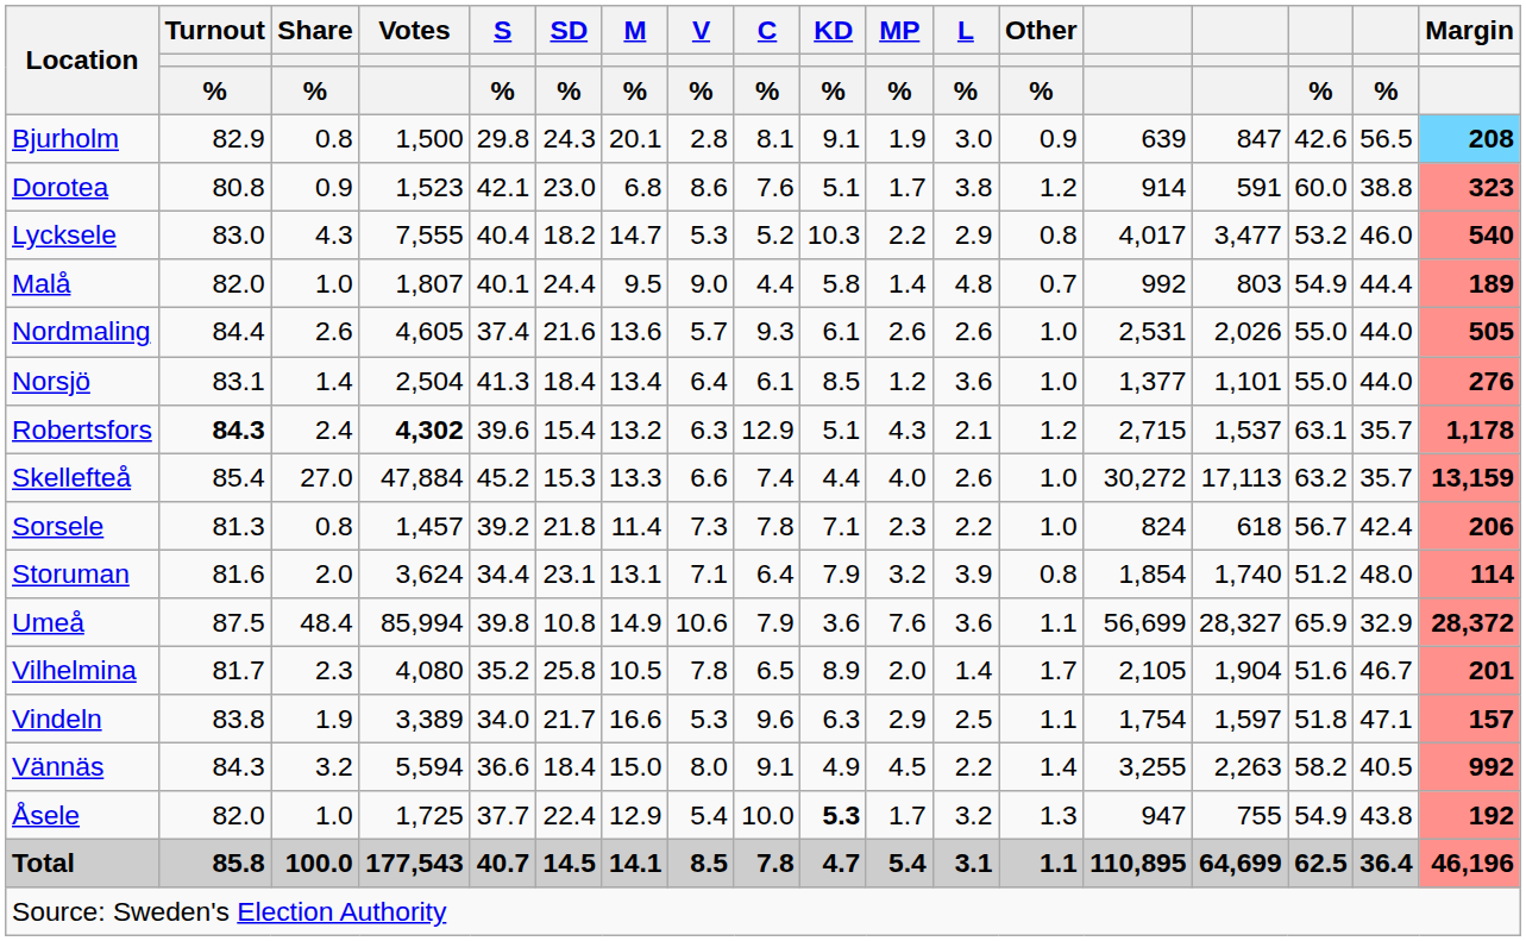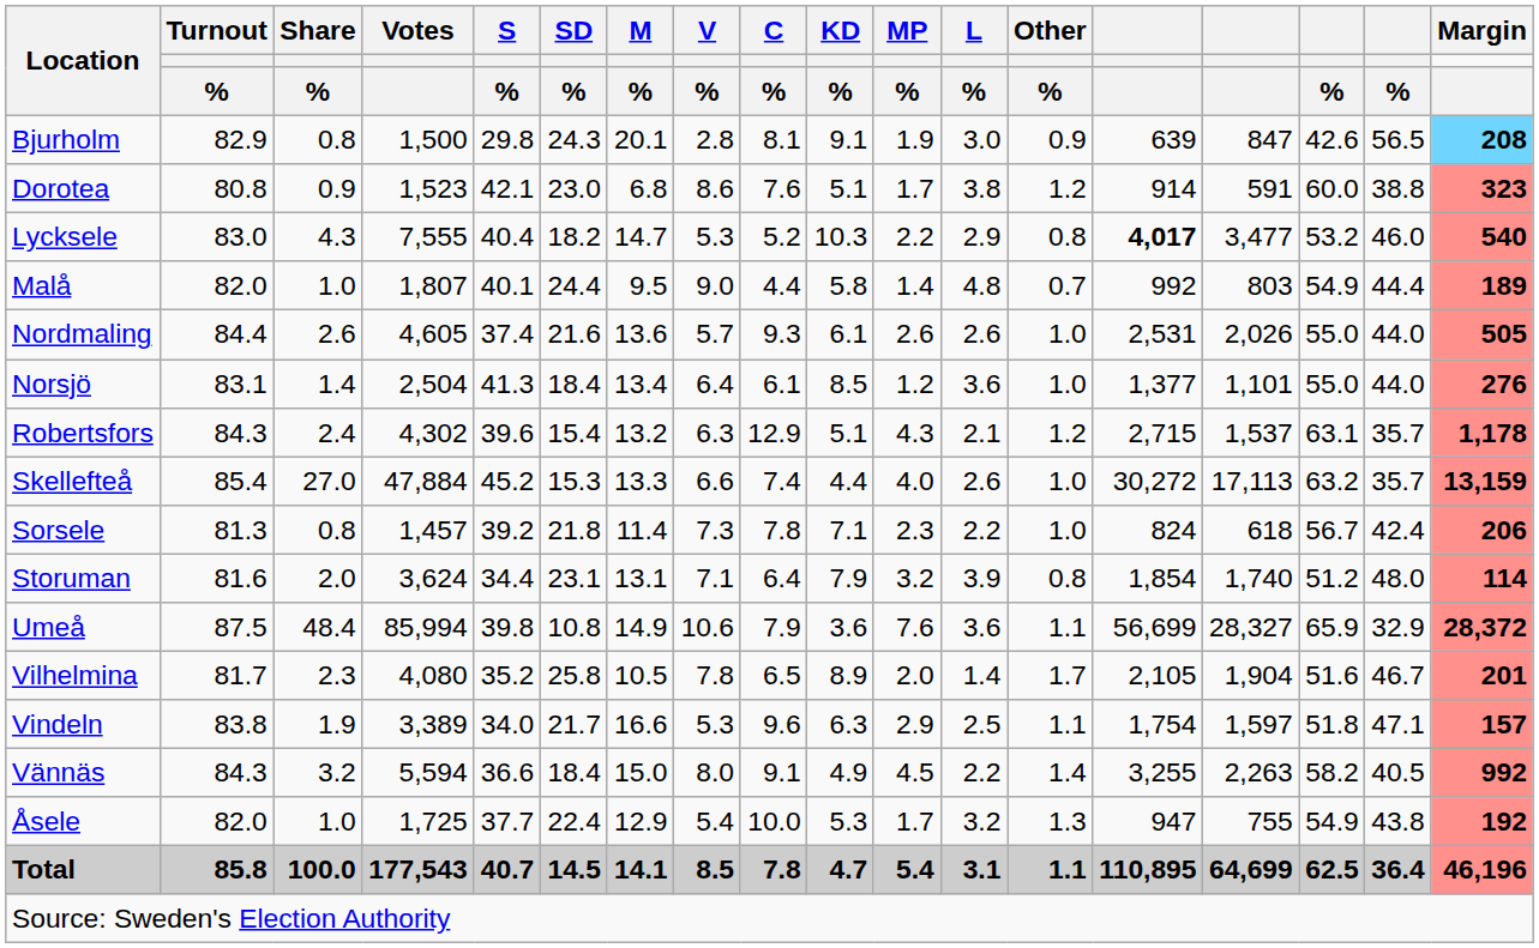 <table class="wikitable sortable" style="text-align:right; font-size:95%; line-height:20px;">
 <tr>
 <th rowspan="3">Location</th>
 <th>Turnout</th>
 <th>Share</th>
 <th>Votes</th>
 <th width="30px" class="unsortable"><a href='#'>S</a></th>
 <th width="30px" class="unsortable"><a href='#'>SD</a></th>
 <th width="30px" class="unsortable"><a href='#'>M</a></th>
 <th width="30px" class="unsortable"><a href='#'>V</a></th>
 <th width="30px" class="unsortable"><a href='#'>C</a></th>
 <th width="30px" class="unsortable"><a href='#'>KD</a></th>
 <th width="30px" class="unsortable"><a href='#'>MP</a></th>
 <th width="30px" class="unsortable"><a href='#'>L</a></th>
 <th width="30px" class="unsortable">Other</th>
 <th></th>
 <th></th>
 <th></th>
 <th></th>
 <th>Margin</th>
 </tr>
 <tr>
 <th></th>
 <th></th>
 <th></th>
 <th style="background:"></th>
 <th style="background:"></th>
 <th style="background:"></th>
 <th style="background:"></th>
 <th style="background:"></th>
 <th style="background:"></th>
 <th style="background:"></th>
 <th style="background:"></th>
 <th style="background:"></th>
 <th style="background:"></th>
 <th style="background:"></th>
 <th style="background:"></th>
 <th style="background:"></th>
 </tr>
 <tr>
 <th data-sort-type="number">%</th>
 <th data-sort-type="number">%</th>
 <th></th>
 <th data-sort-type="number">%</th>
 <th data-sort-type="number">%</th>
 <th data-sort-type="number">%</th>
 <th data-sort-type="number">%</th>
 <th data-sort-type="number">%</th>
 <th data-sort-type="number">%</th>
 <th data-sort-type="number">%</th>
 <th data-sort-type="number">%</th>
 <th data-sort-type="number">%</th>
 <th data-sort-type="number"></th>
 <th data-sort-type="number"></th>
 <th data-sort-type="number">%</th>
 <th data-sort-type="number">%</th>
 <th data-sort-type="number"></th>
 </tr>
 <tr>
 <td align="left"><a href='#'>Bjurholm</a></td>
 <td>82.9</td>
 <td>0.8</td>
 <td>1,500</td>
 <td>29.8</td>
 <td>24.3</td>
 <td>20.1</td>
 <td>2.8</td>
 <td>8.1</td>
 <td>9.1</td>
 <td>1.9</td>
 <td>3.0</td>
 <td>0.9</td>
 <td>639</td>
 <td>847</td>
 <td>42.6</td>
 <td>56.5</td>
 <td bgcolor=#6fd5fe><strong>208</strong></td>
 </tr>
 <tr>
 <td align="left"><a href='#'>Dorotea</a></td>
 <td>80.8</td>
 <td>0.9</td>
 <td>1,523</td>
 <td>42.1</td>
 <td>23.0</td>
 <td>6.8</td>
 <td>8.6</td>
 <td>7.6</td>
 <td>5.1</td>
 <td>1.7</td>
 <td>3.8</td>
 <td>1.2</td>
 <td>914</td>
 <td>591</td>
 <td>60.0</td>
 <td>38.8</td>
 <td bgcolor=#ff908c><strong>323</strong></td>
 </tr>
 <tr>
 <td align="left"><a href='#'>Lycksele</a></td>
 <td>83.0</td>
 <td>4.3</td>
 <td>7,555</td>
 <td>40.4</td>
 <td>18.2</td>
 <td>14.7</td>
 <td>5.3</td>
 <td>5.2</td>
 <td>10.3</td>
 <td>2.2</td>
 <td>2.9</td>
 <td>0.8</td>
-<td>4,017</td>
+<td><strong>4,017</strong></td>
 <td>3,477</td>
 <td>53.2</td>
 <td>46.0</td>
 <td bgcolor=#ff908c><strong>540</strong></td>
 </tr>
 <tr>
 <td align="left"><a href='#'>Malå</a></td>
 <td>82.0</td>
 <td>1.0</td>
 <td>1,807</td>
 <td>40.1</td>
 <td>24.4</td>
 <td>9.5</td>
 <td>9.0</td>
 <td>4.4</td>
 <td>5.8</td>
 <td>1.4</td>
 <td>4.8</td>
 <td>0.7</td>
 <td>992</td>
 <td>803</td>
 <td>54.9</td>
 <td>44.4</td>
 <td bgcolor=#ff908c><strong>189</strong></td>
 </tr>
 <tr>
 <td align="left"><a href='#'>Nordmaling</a></td>
 <td>84.4</td>
 <td>2.6</td>
 <td>4,605</td>
 <td>37.4</td>
 <td>21.6</td>
 <td>13.6</td>
 <td>5.7</td>
 <td>9.3</td>
 <td>6.1</td>
 <td>2.6</td>
 <td>2.6</td>
 <td>1.0</td>
 <td>2,531</td>
 <td>2,026</td>
 <td>55.0</td>
 <td>44.0</td>
 <td bgcolor=#ff908c><strong>505</strong></td>
 </tr>
 <tr>
 <td align="left"><a href='#'>Norsjö</a></td>
 <td>83.1</td>
 <td>1.4</td>
 <td>2,504</td>
 <td>41.3</td>
 <td>18.4</td>
 <td>13.4</td>
 <td>6.4</td>
 <td>6.1</td>
 <td>8.5</td>
 <td>1.2</td>
 <td>3.6</td>
 <td>1.0</td>
 <td>1,377</td>
 <td>1,101</td>
 <td>55.0</td>
 <td>44.0</td>
 <td bgcolor=#ff908c><strong>276</strong></td>
 </tr>
 <tr>
 <td align="left"><a href='#'>Robertsfors</a></td>
-<td><strong>84.3</strong></td>
+<td>84.3</td>
 <td>2.4</td>
-<td><strong>4,302</strong></td>
+<td>4,302</td>
 <td>39.6</td>
 <td>15.4</td>
 <td>13.2</td>
 <td>6.3</td>
 <td>12.9</td>
 <td>5.1</td>
 <td>4.3</td>
 <td>2.1</td>
 <td>1.2</td>
 <td>2,715</td>
 <td>1,537</td>
 <td>63.1</td>
 <td>35.7</td>
 <td bgcolor=#ff908c><strong>1,178</strong></td>
 </tr>
 <tr>
 <td align="left"><a href='#'>Skellefteå</a></td>
 <td>85.4</td>
 <td>27.0</td>
 <td>47,884</td>
 <td>45.2</td>
 <td>15.3</td>
 <td>13.3</td>
 <td>6.6</td>
 <td>7.4</td>
 <td>4.4</td>
 <td>4.0</td>
 <td>2.6</td>
 <td>1.0</td>
 <td>30,272</td>
 <td>17,113</td>
 <td>63.2</td>
 <td>35.7</td>
 <td bgcolor=#ff908c><strong>13,159</strong></td>
 </tr>
 <tr>
 <td align="left"><a href='#'>Sorsele</a></td>
 <td>81.3</td>
 <td>0.8</td>
 <td>1,457</td>
 <td>39.2</td>
 <td>21.8</td>
 <td>11.4</td>
 <td>7.3</td>
 <td>7.8</td>
 <td>7.1</td>
 <td>2.3</td>
 <td>2.2</td>
 <td>1.0</td>
 <td>824</td>
 <td>618</td>
 <td>56.7</td>
 <td>42.4</td>
 <td bgcolor=#ff908c><strong>206</strong></td>
 </tr>
 <tr>
 <td align="left"><a href='#'>Storuman</a></td>
 <td>81.6</td>
 <td>2.0</td>
 <td>3,624</td>
 <td>34.4</td>
 <td>23.1</td>
 <td>13.1</td>
 <td>7.1</td>
 <td>6.4</td>
 <td>7.9</td>
 <td>3.2</td>
 <td>3.9</td>
 <td>0.8</td>
 <td>1,854</td>
 <td>1,740</td>
 <td>51.2</td>
 <td>48.0</td>
 <td bgcolor=#ff908c><strong>114</strong></td>
 </tr>
 <tr>
 <td align="left"><a href='#'>Umeå</a></td>
 <td>87.5</td>
 <td>48.4</td>
 <td>85,994</td>
 <td>39.8</td>
 <td>10.8</td>
 <td>14.9</td>
 <td>10.6</td>
 <td>7.9</td>
 <td>3.6</td>
 <td>7.6</td>
 <td>3.6</td>
 <td>1.1</td>
 <td>56,699</td>
 <td>28,327</td>
 <td>65.9</td>
 <td>32.9</td>
 <td bgcolor=#ff908c><strong>28,372</strong></td>
 </tr>
 <tr>
 <td align="left"><a href='#'>Vilhelmina</a></td>
 <td>81.7</td>
 <td>2.3</td>
 <td>4,080</td>
 <td>35.2</td>
 <td>25.8</td>
 <td>10.5</td>
 <td>7.8</td>
 <td>6.5</td>
 <td>8.9</td>
 <td>2.0</td>
 <td>1.4</td>
 <td>1.7</td>
 <td>2,105</td>
 <td>1,904</td>
 <td>51.6</td>
 <td>46.7</td>
 <td bgcolor=#ff908c><strong>201</strong></td>
 </tr>
 <tr>
 <td align="left"><a href='#'>Vindeln</a></td>
 <td>83.8</td>
 <td>1.9</td>
 <td>3,389</td>
 <td>34.0</td>
 <td>21.7</td>
 <td>16.6</td>
 <td>5.3</td>
 <td>9.6</td>
 <td>6.3</td>
 <td>2.9</td>
 <td>2.5</td>
 <td>1.1</td>
 <td>1,754</td>
 <td>1,597</td>
 <td>51.8</td>
 <td>47.1</td>
 <td bgcolor=#ff908c><strong>157</strong></td>
 </tr>
 <tr>
 <td align="left"><a href='#'>Vännäs</a></td>
 <td>84.3</td>
 <td>3.2</td>
 <td>5,594</td>
 <td>36.6</td>
 <td>18.4</td>
 <td>15.0</td>
 <td>8.0</td>
 <td>9.1</td>
 <td>4.9</td>
 <td>4.5</td>
 <td>2.2</td>
 <td>1.4</td>
 <td>3,255</td>
 <td>2,263</td>
 <td>58.2</td>
 <td>40.5</td>
 <td bgcolor=#ff908c><strong>992</strong></td>
 </tr>
 <tr>
 <td align="left"><a href='#'>Åsele</a></td>
 <td>82.0</td>
 <td>1.0</td>
 <td>1,725</td>
 <td>37.7</td>
 <td>22.4</td>
 <td>12.9</td>
 <td>5.4</td>
 <td>10.0</td>
-<td><strong>5.3</strong></td>
+<td>5.3</td>
 <td>1.7</td>
 <td>3.2</td>
 <td>1.3</td>
 <td>947</td>
 <td>755</td>
 <td>54.9</td>
 <td>43.8</td>
 <td bgcolor=#ff908c><strong>192</strong></td>
 </tr>
 <tr style="background:#CDCDCD;">
 <td align="left"><strong>Total</strong></td>
 <td><strong>85.8</strong></td>
 <td><strong>100.0</strong></td>
 <td><strong>177,543</strong></td>
 <td><strong>40.7</strong></td>
 <td><strong>14.5</strong></td>
 <td><strong>14.1</strong></td>
 <td><strong>8.5</strong></td>
 <td><strong>7.8</strong></td>
 <td><strong>4.7</strong></td>
 <td><strong>5.4</strong></td>
 <td><strong>3.1</strong></td>
 <td><strong>1.1</strong></td>
 <td><strong>110,895</strong></td>
 <td><strong>64,699</strong></td>
 <td><strong>62.5</strong></td>
 <td><strong>36.4</strong></td>
 <td bgcolor=#ff908c><strong>46,196</strong></td>
 </tr>
 <tr>
 <td colspan="18" align="left">Source: Sweden's <a href='#'>Election Authority</a></td>
 </tr>
 </table>
